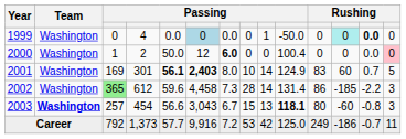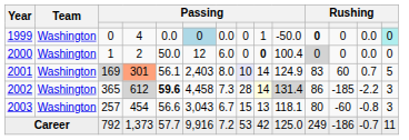 <table class="wikitable sortable" style="text-align:center;">
 <tr>
 <th rowspan=2>Year</th>
 <th rowspan=2>Team</th>
 <th colspan=8>Passing</th>
 <th colspan=4>Rushing</th>
 </tr>
 <tr>
 <th></th>
 <th></th>
 <th></th>
 <th></th>
 <th></th>
 <th></th>
 <th></th>
 <th></th>
 <th></th>
 <th></th>
 <th></th>
 <th></th>
 </tr>
 <tr>
 <td><a href='#'>1999</a></td>
 <td><a href='#'>Washington</a></td>
 <td>0</td>
 <td>4</td>
 <td>0.0</td>
 <td style="background: lightblue;">0</td>
 <td>0.0</td>
 <td>0</td>
 <td>1</td>
 <td>-50.0</td>
+<td><strong>0</strong></td>
 <td>0</td>
+<td>0.0</td>
 <td style="background: paleturquoise;">0</td>
-<td><strong>0.0</strong></td>
-<td>0</td>
 </tr>
 <tr>
 <td><a href='#'>2000</a></td>
 <td><a href='#'>Washington</a></td>
 <td>1</td>
 <td>2</td>
 <td>50.0</td>
 <td>12</td>
-<td><strong>6.0</strong></td>
+<td>6.0</td>
 <td>0</td>
-<td>0</td>
+<td><strong>0</strong></td>
 <td>100.4</td>
-<td>0</td>
+<td style="background: lightgrey;">0</td>
 <td>0</td>
 <td>0.0</td>
-<td style="background: pink;">0</td>
+<td>0</td>
 </tr>
 <tr>
 <td><a href='#'>2001</a></td>
 <td><a href='#'>Washington</a></td>
-<td>169</td>
-<td>301</td>
-<td><strong>56.1</strong></td>
-<td><strong>2,403</strong></td>
+<td style="background: lightgrey;">169</td>
+<td style="background: lightsalmon;">301</td>
+<td>56.1</td>
+<td>2,403</td>
 <td>8.0</td>
-<td>10</td>
+<td style="background: lavender;">10</td>
 <td>14</td>
 <td>124.9</td>
 <td>83</td>
 <td>60</td>
 <td>0.7</td>
 <td>5</td>
 </tr>
 <tr>
 <td><a href='#'>2002</a></td>
 <td><a href='#'>Washington</a></td>
-<td style="background: lightgreen;">365</td>
-<td>612</td>
-<td>59.6</td>
+<td>365</td>
+<td style="background: lightgrey;">612</td>
+<td><strong>59.6</strong></td>
 <td>4,458</td>
 <td>7.3</td>
 <td>28</td>
-<td>14</td>
-<td>131.4</td>
+<td style="background: lightyellow;">14</td>
+<td style="background: lightgrey;">131.4</td>
 <td>86</td>
 <td>-185</td>
 <td>-2.2</td>
 <td>3</td>
 </tr>
 <tr>
 <td><a href='#'>2003</a></td>
-<td><strong><a href='#'>Washington</a></strong></td>
+<td><a href='#'>Washington</a></td>
 <td>257</td>
 <td>454</td>
 <td>56.6</td>
 <td>3,043</td>
 <td>6.7</td>
 <td>15</td>
 <td>13</td>
-<td><strong>118.1</strong></td>
+<td>118.1</td>
 <td>80</td>
 <td>-60</td>
 <td>-0.8</td>
 <td>3</td>
 </tr>
 <tr class="sortbottom" style="background:#eee;">
 <td colspan=2><strong>Career</strong></td>
 <td>792</td>
 <td>1,373</td>
 <td>57.7</td>
 <td>9,916</td>
 <td>7.2</td>
 <td>53</td>
 <td>42</td>
 <td>125.0</td>
 <td>249</td>
 <td>-186</td>
 <td>-0.7</td>
 <td>11</td>
 </tr>
 </table>
